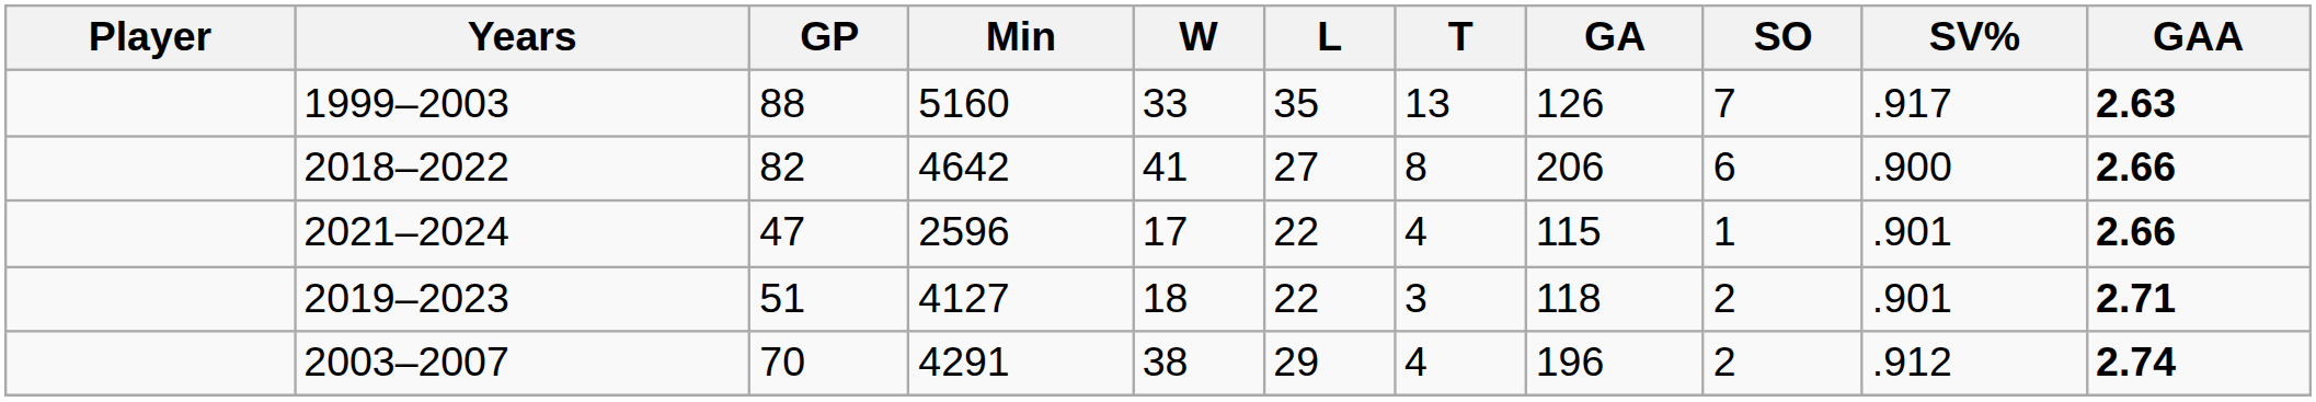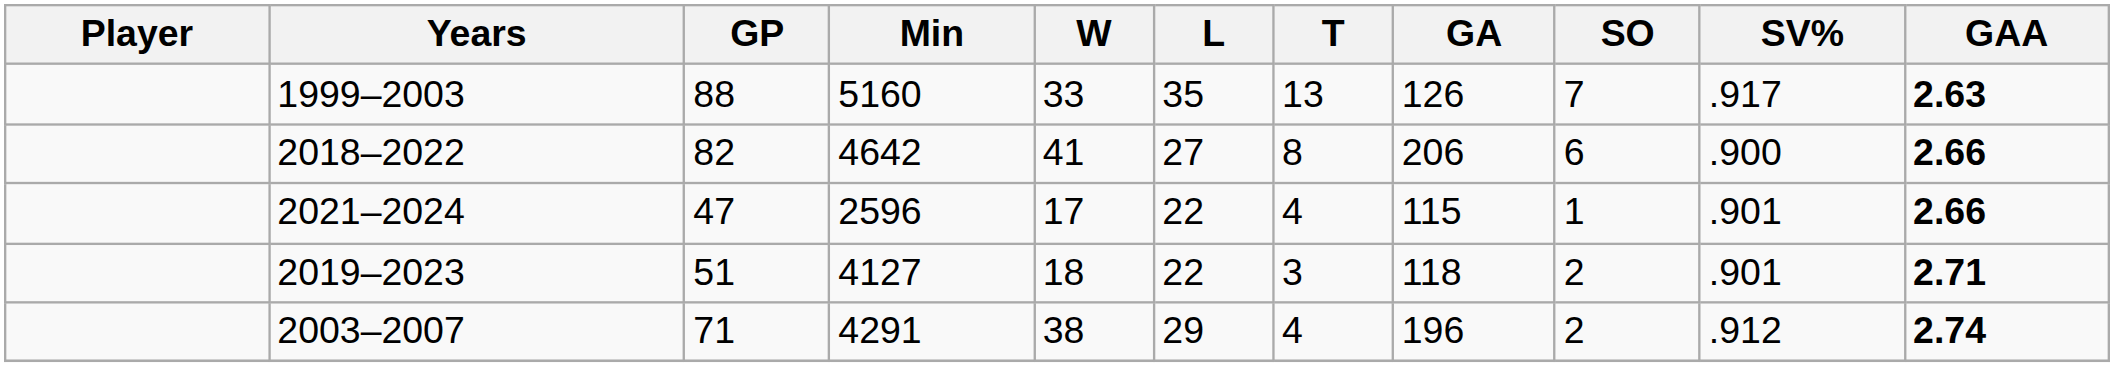 <table class="wikitable sortable" width = 900>
 <tr>
 <th>Player</th>
 <th>Years</th>
 <th>GP</th>
 <th>Min</th>
 <th>W</th>
 <th>L</th>
 <th>T</th>
 <th>GA</th>
 <th>SO</th>
 <th>SV%</th>
 <th>GAA</th>
 </tr>
 <tr>
 <td></td>
 <td>1999–2003</td>
 <td>88</td>
 <td>5160</td>
 <td>33</td>
 <td>35</td>
 <td>13</td>
 <td>126</td>
 <td>7</td>
 <td>.917</td>
 <td><strong>2.63</strong></td>
 </tr>
 <tr>
 <td></td>
 <td>2018–2022</td>
 <td>82</td>
 <td>4642</td>
 <td>41</td>
 <td>27</td>
 <td>8</td>
 <td>206</td>
 <td>6</td>
 <td>.900</td>
 <td><strong>2.66</strong></td>
 </tr>
 <tr>
 <td></td>
 <td>2021–2024</td>
 <td>47</td>
 <td>2596</td>
 <td>17</td>
 <td>22</td>
 <td>4</td>
 <td>115</td>
 <td>1</td>
 <td>.901</td>
 <td><strong>2.66</strong></td>
 </tr>
 <tr>
 <td></td>
 <td>2019–2023</td>
 <td>51</td>
 <td>4127</td>
 <td>18</td>
 <td>22</td>
 <td>3</td>
 <td>118</td>
 <td>2</td>
 <td>.901</td>
 <td><strong>2.71</strong></td>
 </tr>
 <tr>
 <td></td>
 <td>2003–2007</td>
-<td>70</td>
+<td>71</td>
 <td>4291</td>
 <td>38</td>
 <td>29</td>
 <td>4</td>
 <td>196</td>
 <td>2</td>
 <td>.912</td>
 <td><strong>2.74</strong></td>
 </tr>
 <tr>
 </tr>
 </table>
